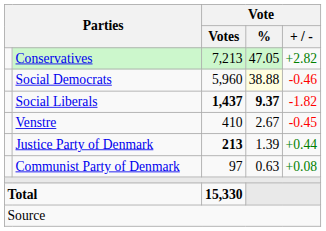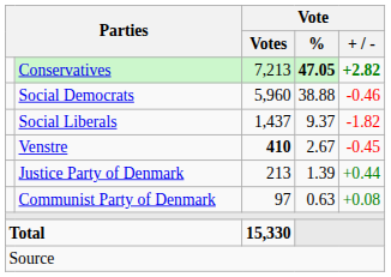 <table class="wikitable" style="text-align:right;">
 <tr>
 <th style="text-align:centre;" rowspan="2" colspan="2" width="225">Parties</th>
 <th colspan="3">Vote</th>
 </tr>
 <tr>
 <th width="15">Votes</th>
 <th width="15">%</th>
 <th width="15">+ / -</th>
 </tr>
 <tr>
 <td width="2" style="color:inherit;background:"></td>
 <td bgcolor=#ccf7cc  align="left"><a href='#'>Conservatives</a></td>
 <td bgcolor=#ccf7cc>7,213</td>
-<td bgcolor=#ccf7cc>47.05</td>
-<td style=color:green;>+2.82</td>
+<td bgcolor=#ccf7cc><strong>47.05</strong></td>
+<td style=color:green;><strong>+2.82</strong></td>
 </tr>
 <tr>
 <td width="2" style="color:inherit;background:"></td>
 <td align="left"><a href='#'>Social Democrats</a></td>
 <td>5,960</td>
-<td style="background: lightyellow;">38.88</td>
+<td>38.88</td>
 <td style=color:red;>-0.46</td>
 </tr>
 <tr>
 <td width="2" style="color:inherit;background:"></td>
 <td align="left"><a href='#'>Social Liberals</a></td>
-<td><strong>1,437</strong></td>
-<td><strong>9.37</strong></td>
+<td>1,437</td>
+<td>9.37</td>
 <td style=color:red;>-1.82</td>
 </tr>
 <tr>
 <td width="2" style="color:inherit;background:"></td>
 <td align="left"><a href='#'>Venstre</a></td>
-<td>410</td>
+<td><strong>410</strong></td>
 <td>2.67</td>
 <td style=color:red;>-0.45</td>
 </tr>
 <tr>
 <td width="2" style="color:inherit;background:"></td>
 <td align="left"><a href='#'>Justice Party of Denmark</a></td>
-<td><strong>213</strong></td>
+<td>213</td>
 <td>1.39</td>
 <td style=color:green;>+0.44</td>
 </tr>
 <tr>
 <td width="2" style="color:inherit;background:"></td>
 <td align="left"><a href='#'>Communist Party of Denmark</a></td>
 <td>97</td>
 <td>0.63</td>
 <td style=color:green;>+0.08</td>
 </tr>
 <tr>
 <td colspan="7" bgcolor="#E9E9E9"></td>
 </tr>
 <tr>
 <td align="left" colspan="2"><strong>Total</strong></td>
 <td><strong>15,330</strong></td>
 <td bgcolor="#E9E9E9" colspan="2"></td>
 </tr>
 <tr>
 <td align="left" colspan="6">Source</td>
 </tr>
 </table>
